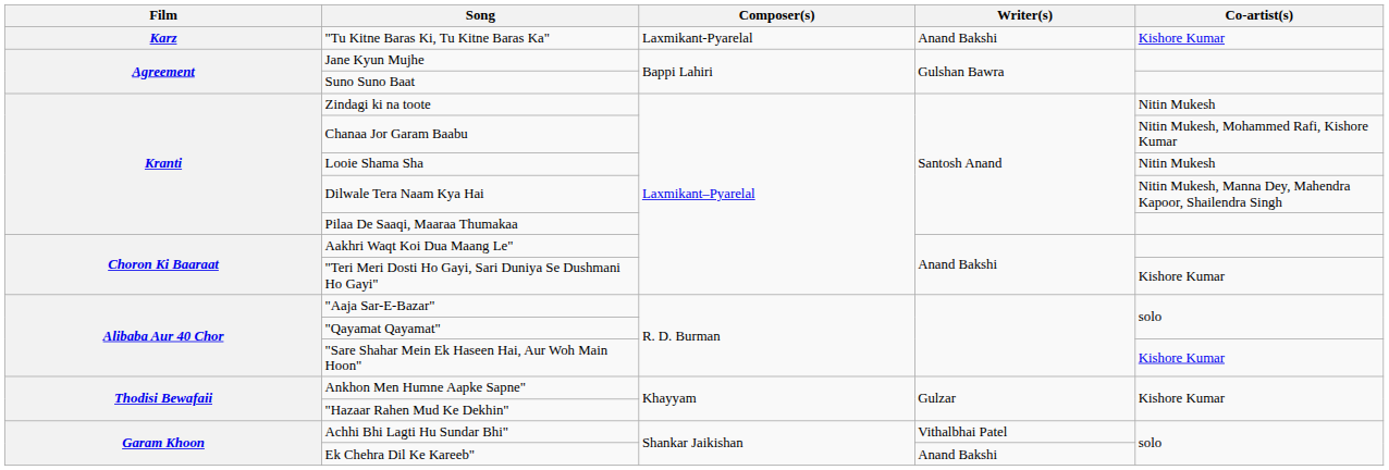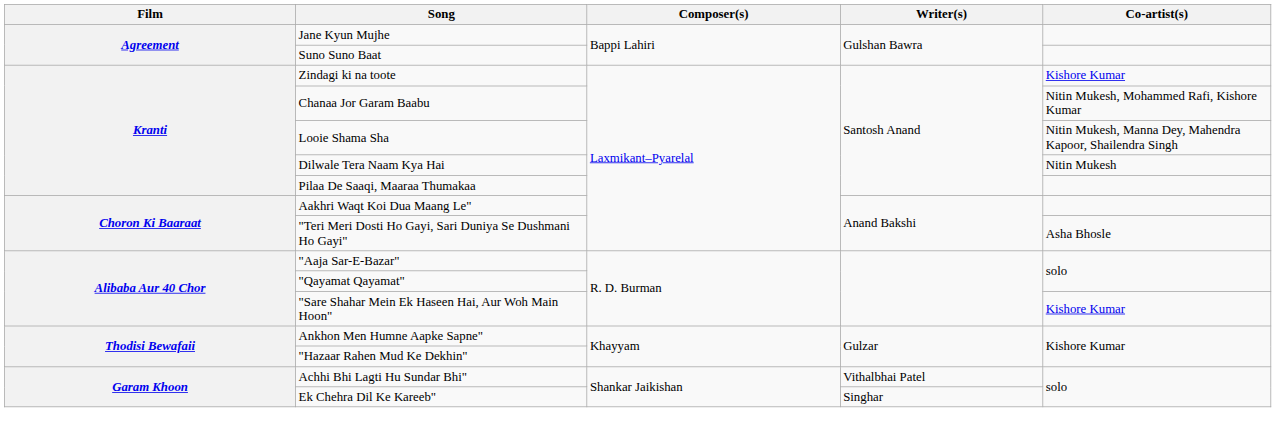 <table class="wikitable plainrowheaders" style="width:100%; textcolor:#000">
 <tr style="background:#b0e0e66;">
 <th scope="col" style="width:23%;"><strong>Film</strong></th>
 <th scope="col" style="width:23%;"><strong>Song</strong></th>
 <th scope="col" style="width:20%;"><strong>Composer(s)</strong></th>
 <th scope="col" style="width:16%;"><strong>Writer(s)</strong></th>
 <th scope="col" style="width:18%;"><strong>Co-artist(s)</strong></th>
-</tr>
-<tr>
-<th><em><a href='#'>Karz</a></em></th>
-<td>"Tu Kitne Baras Ki, Tu Kitne Baras Ka"</td>
-<td>Laxmikant-Pyarelal</td>
-<td>Anand Bakshi</td>
-<td><a href='#'>Kishore Kumar</a></td>
 </tr>
 <tr>
 <th Rowspan=2><em><a href='#'>Agreement</a></em></th>
 <td>Jane Kyun Mujhe</td>
 <td rowspan=2>Bappi Lahiri</td>
 <td rowspan=2>Gulshan Bawra</td>
 <td></td>
 </tr>
 <tr>
 <td>Suno Suno Baat</td>
 <td></td>
 </tr>
 <tr>
 <th Rowspan=5><em><a href='#'>Kranti</a></em></th>
 <td>Zindagi ki na toote</td>
 <td rowspan=7><a href='#'>Laxmikant–Pyarelal</a></td>
 <td rowspan=5>Santosh Anand</td>
-<td>Nitin Mukesh</td>
+<td><a href='#'>Kishore Kumar</a></td>
 </tr>
 <tr>
 <td>Chanaa Jor Garam Baabu</td>
 <td>Nitin Mukesh, Mohammed Rafi, Kishore Kumar</td>
 </tr>
 <tr>
 <td>Looie Shama Sha</td>
-<td>Nitin Mukesh</td>
+<td>Nitin Mukesh, Manna Dey, Mahendra Kapoor, Shailendra Singh</td>
 </tr>
 <tr>
 <td>Dilwale Tera Naam Kya Hai</td>
-<td>Nitin Mukesh, Manna Dey, Mahendra Kapoor, Shailendra Singh</td>
+<td>Nitin Mukesh</td>
 </tr>
 <tr>
 <td>Pilaa De Saaqi, Maaraa Thumakaa</td>
 <td></td>
 </tr>
 <tr>
 <th Rowspan=2><em><a href='#'>Choron Ki Baaraat</a></em></th>
 <td>Aakhri Waqt Koi Dua Maang Le"</td>
 <td rowspan=2>Anand Bakshi</td>
 <td></td>
 </tr>
 <tr>
 <td>"Teri Meri Dosti Ho Gayi, Sari Duniya Se Dushmani Ho Gayi"</td>
-<td>Kishore Kumar</td>
+<td>Asha Bhosle</td>
 </tr>
 <tr>
 <th Rowspan=3><em><a href='#'>Alibaba Aur 40 Chor</a></em></th>
 <td>"Aaja Sar-E-Bazar"</td>
 <td rowspan=3>R. D. Burman</td>
 <td rowspan=3></td>
 <td rowspan=2>solo</td>
 </tr>
 <tr>
 <td>"Qayamat Qayamat"</td>
 </tr>
 <tr>
 <td>"Sare Shahar Mein Ek Haseen Hai, Aur Woh Main Hoon"</td>
 <td><a href='#'>Kishore Kumar</a></td>
 </tr>
 <tr>
 <th Rowspan=2><em><a href='#'>Thodisi Bewafaii</a></em></th>
 <td>Ankhon Men Humne Aapke Sapne"</td>
 <td rowspan=2>Khayyam</td>
 <td rowspan=2>Gulzar</td>
 <td rowspan=2>Kishore Kumar</td>
 </tr>
 <tr>
 <td>"Hazaar Rahen Mud Ke Dekhin"</td>
 </tr>
 <tr>
 <th Rowspan=2><em><a href='#'>Garam Khoon</a></em></th>
 <td>Achhi Bhi Lagti Hu Sundar Bhi"</td>
 <td rowspan=2>Shankar Jaikishan</td>
 <td>Vithalbhai Patel</td>
 <td rowspan=2>solo</td>
 </tr>
 <tr>
 <td>Ek Chehra Dil Ke Kareeb"</td>
-<td>Anand Bakshi</td>
+<td>Singhar</td>
 </tr>
 </table>
